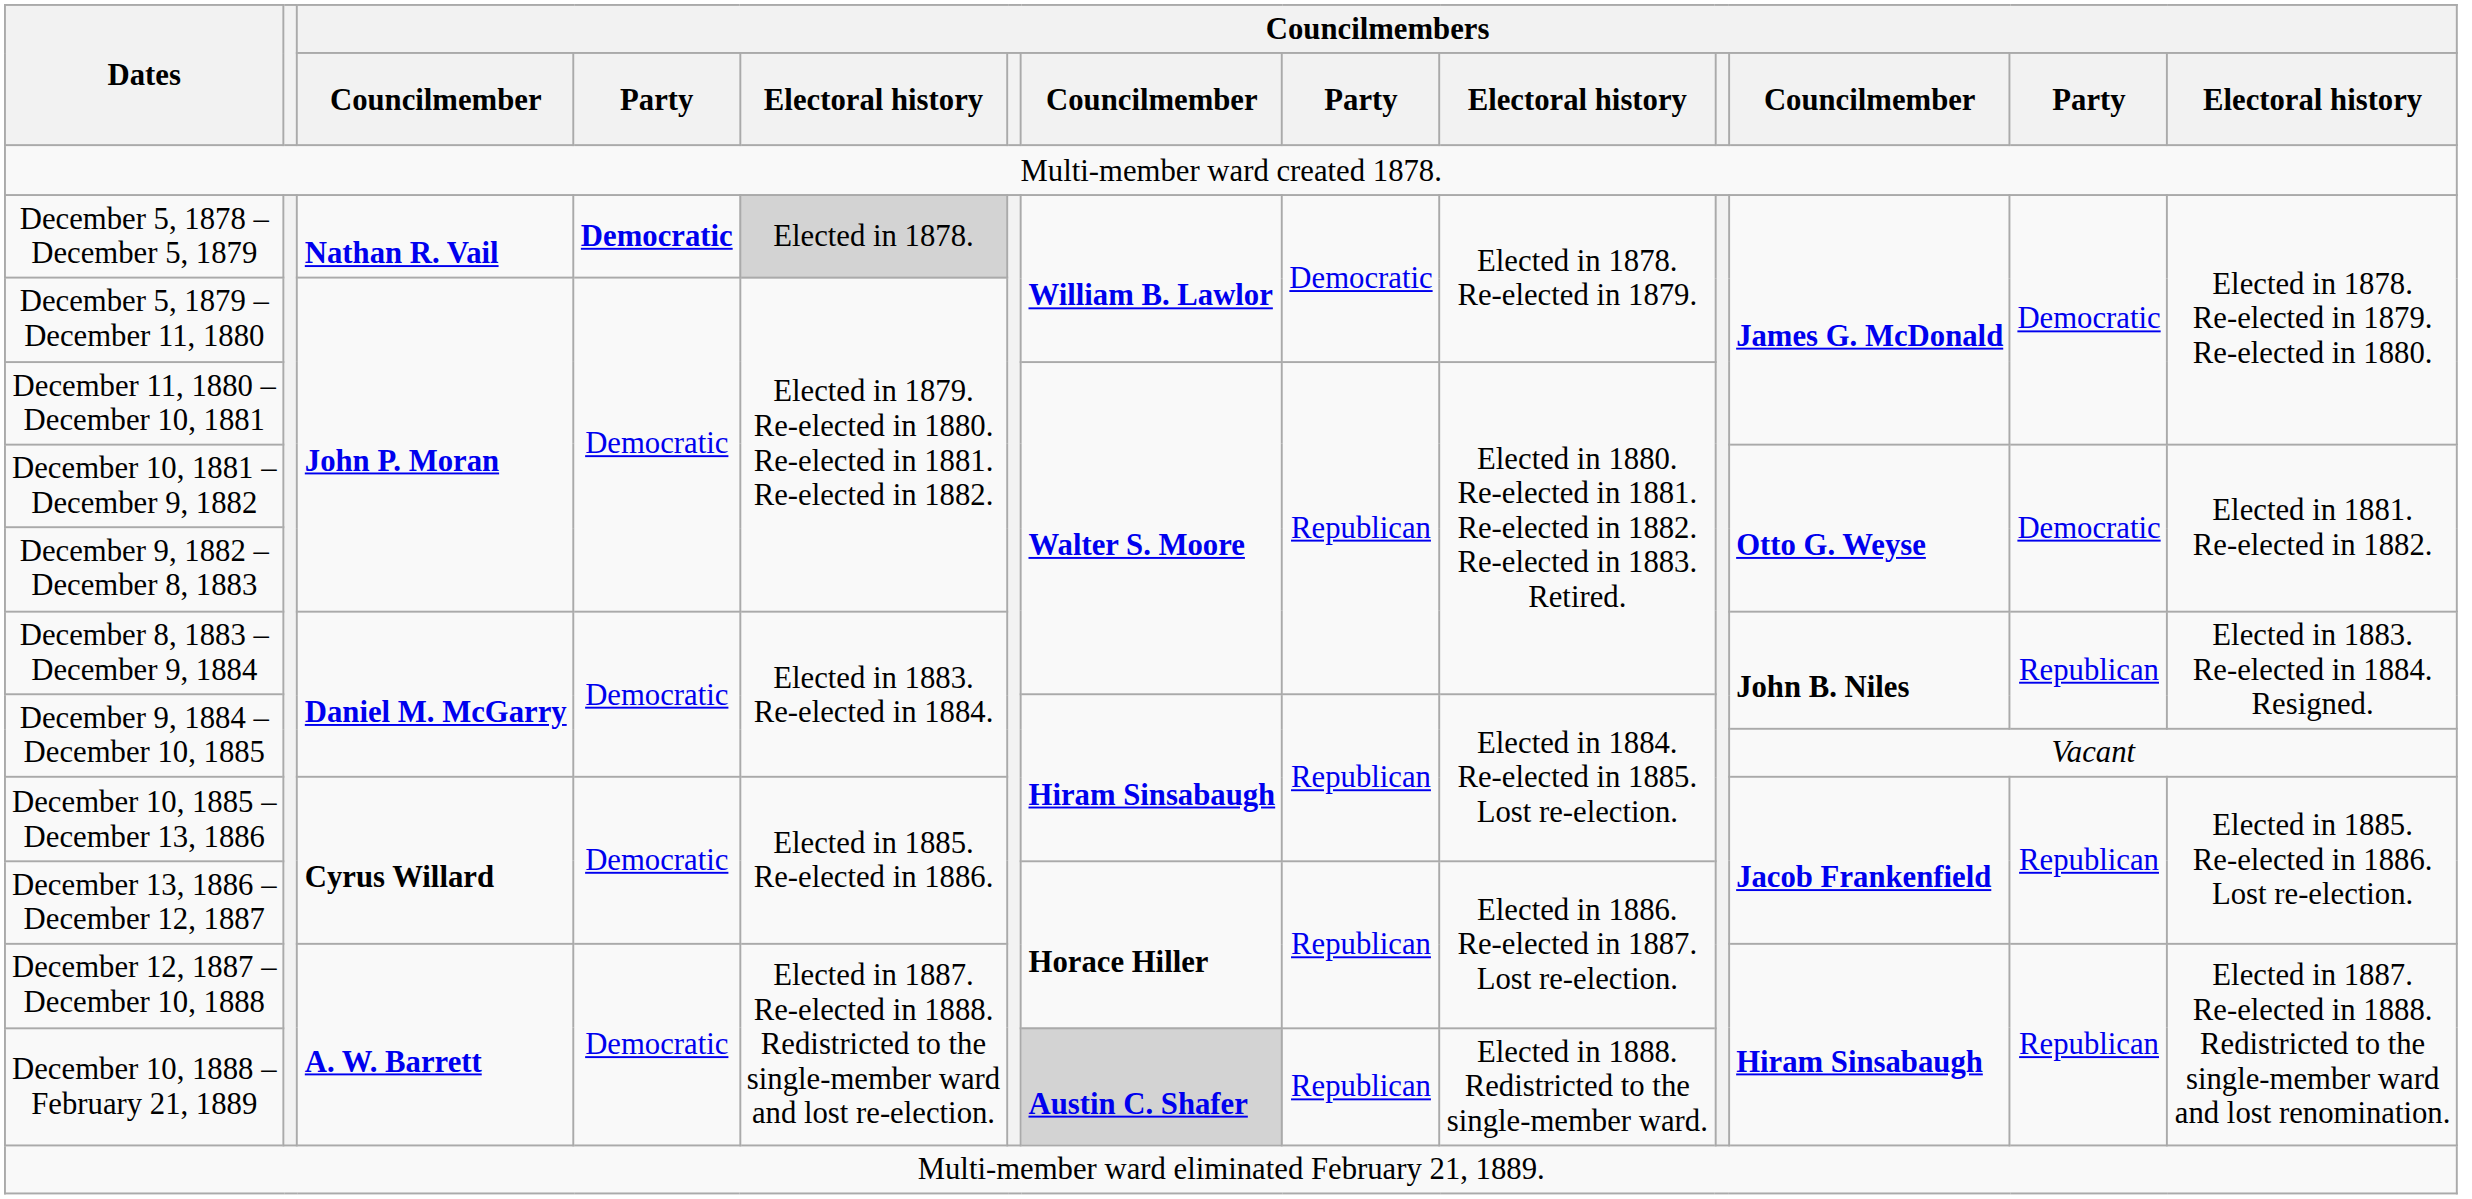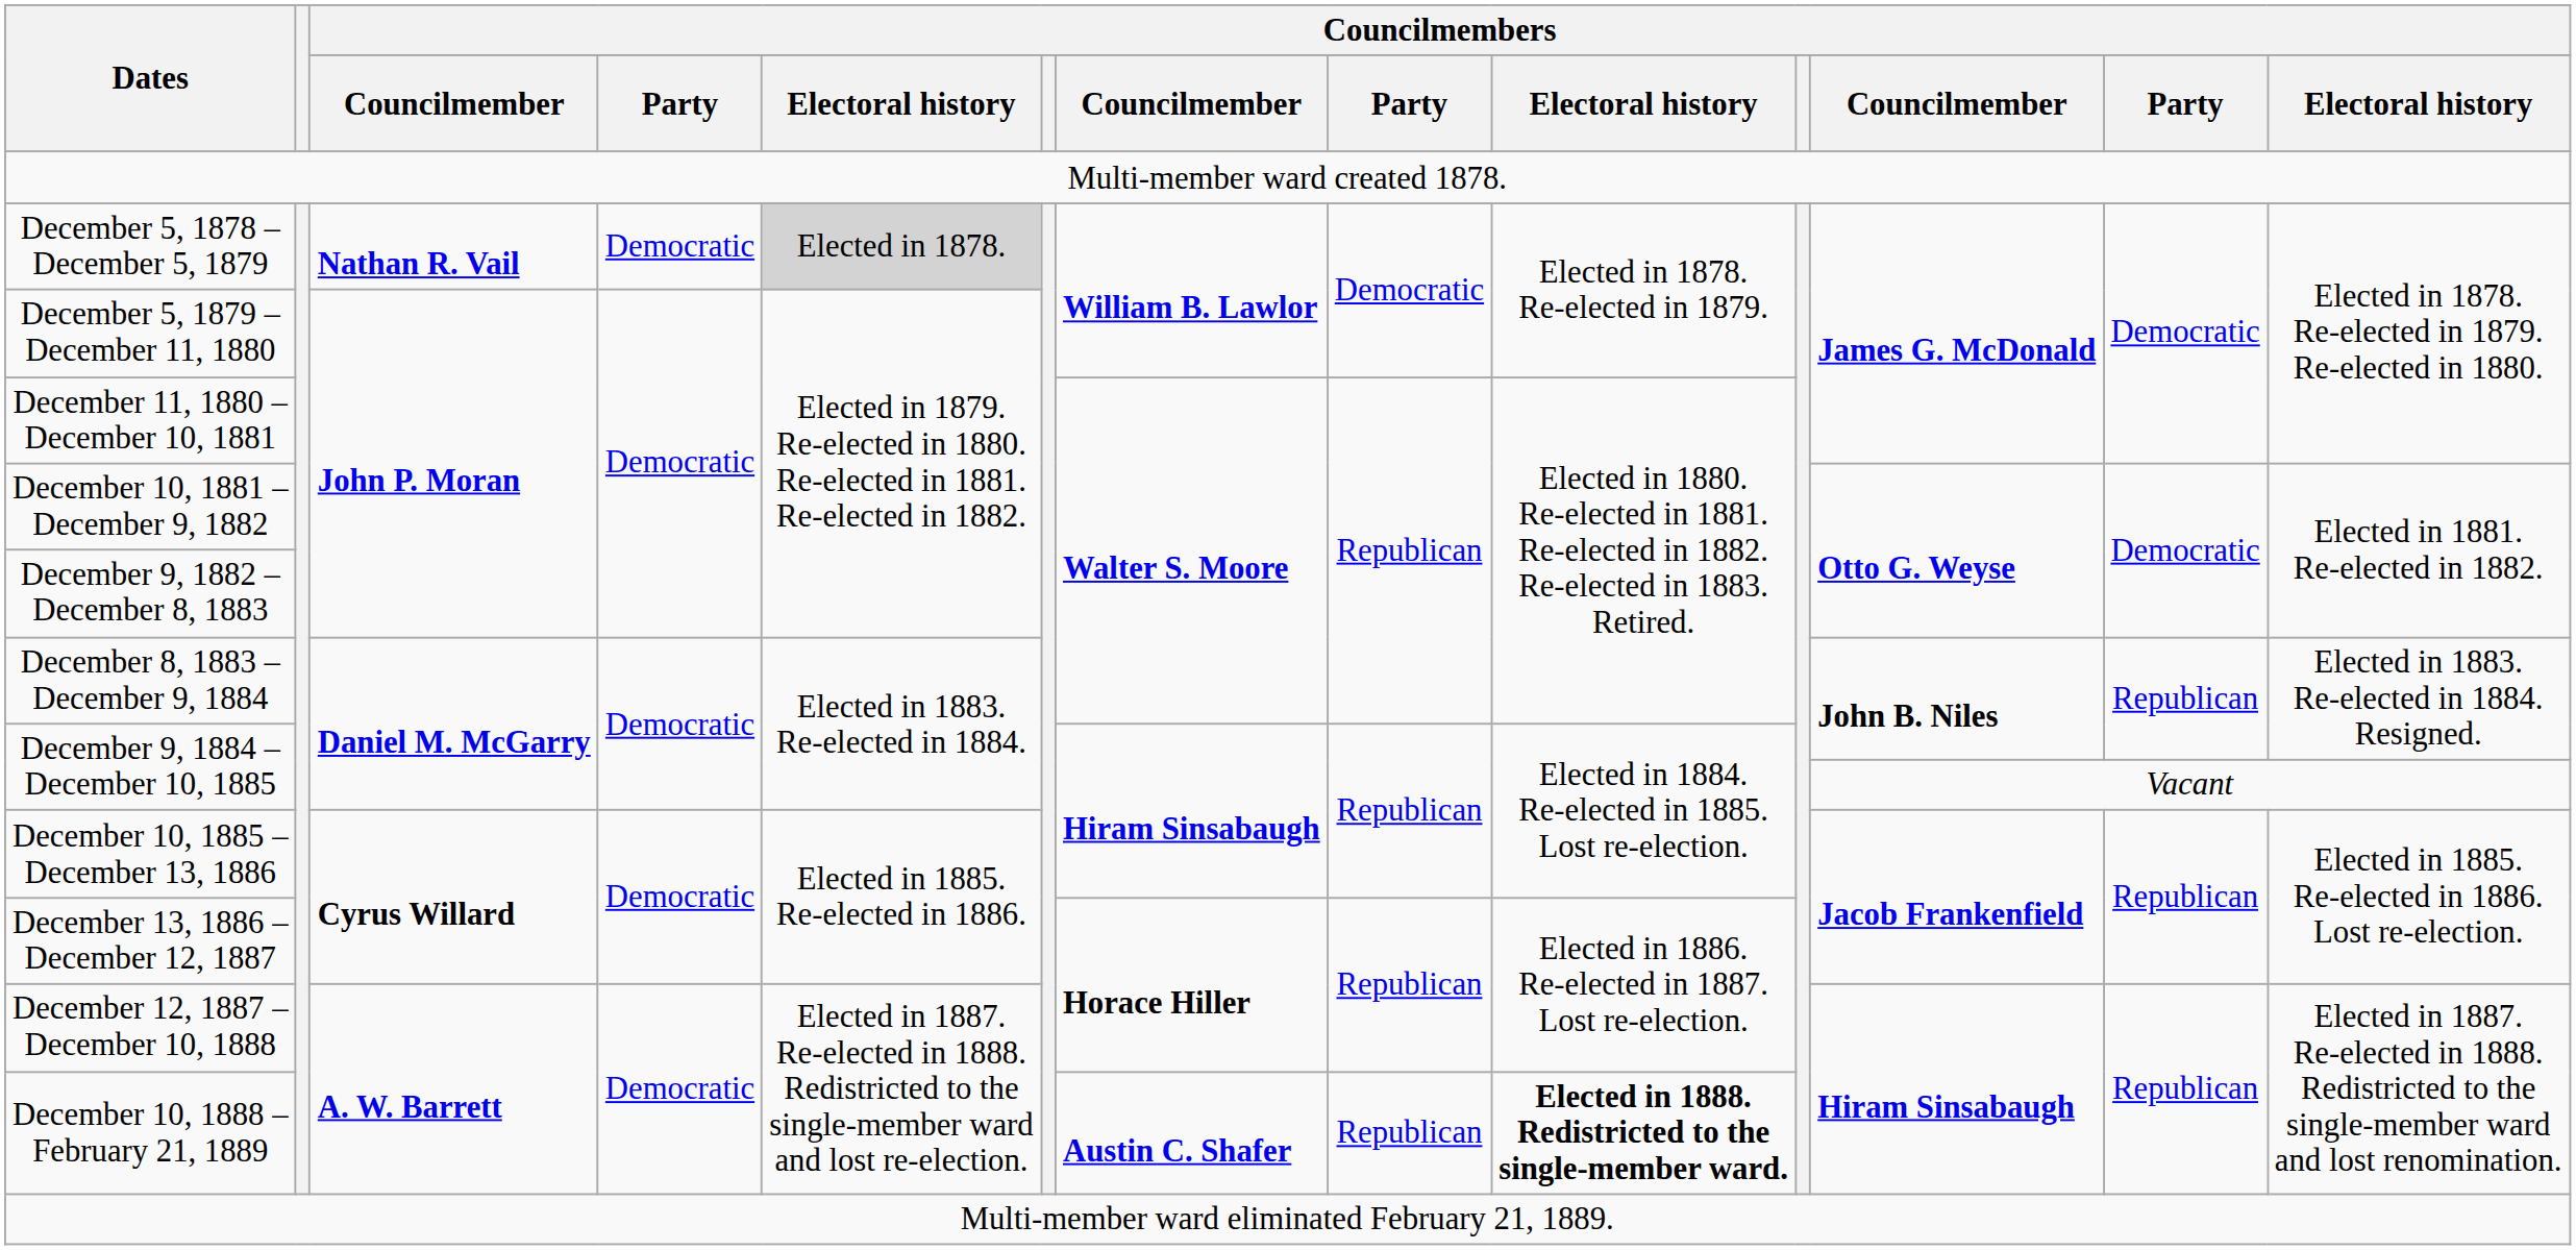 <table class=wikitable style="text-align:center; font-size:100%">
 <tr>
 <th rowspan=2>Dates</th>
 <th rowspan=2></th>
 <th colspan=15>Councilmembers</th>
 </tr>
 <tr style="height:3em">
 <th>Councilmember</th>
 <th>Party</th>
 <th>Electoral history</th>
 <th rowspan=1></th>
 <th>Councilmember</th>
 <th>Party</th>
 <th>Electoral history</th>
 <th rowspan=1></th>
 <th>Councilmember</th>
 <th>Party</th>
 <th>Electoral history</th>
 </tr>
 <tr>
 <td colspan=13>Multi-member ward created 1878.</td>
 </tr>
 <tr>
 <td nowrap>December 5, 1878 –<br> December 5, 1879</td>
 <th rowspan=12></th>
 <td align=left> <br><strong><a href='#'>Nathan R. Vail</a></strong></td>
-<td><strong><a href='#'>Democratic</a></strong></td>
+<td><a href='#'>Democratic</a></td>
 <td style="background: lightgrey;">Elected in 1878. <br> </td>
 <th rowspan=12></th>
 <td rowspan=2 align=left> <br> <strong><a href='#'>William B. Lawlor</a></strong></td>
 <td rowspan=2 ><a href='#'>Democratic</a></td>
 <td rowspan=2>Elected in 1878.  <br> Re-elected in 1879.  <br> </td>
 <th rowspan=12></th>
 <td rowspan=3 align=left> <br> <strong><a href='#'>James G. McDonald</a></strong></td>
 <td rowspan=3 ><a href='#'>Democratic</a></td>
 <td rowspan=3>Elected in 1878. <br> Re-elected in 1879. <br> Re-elected in 1880. <br> </td>
 </tr>
 <tr>
 <td nowrap>December 5, 1879 –<br> December 11, 1880</td>
 <td rowspan=4 align=left> <br> <strong><a href='#'>John P. Moran</a></strong></td>
 <td rowspan=4 ><a href='#'>Democratic</a></td>
 <td rowspan=4>Elected in 1879. <br> Re-elected in 1880. <br> Re-elected in 1881. <br> Re-elected in 1882.  <br> </td>
 </tr>
 <tr>
 <td nowrap>December 11, 1880 –<br> December 10, 1881</td>
 <td rowspan=4 align=left> <br> <strong><a href='#'>Walter S. Moore</a></strong></td>
 <td rowspan=4 ><a href='#'>Republican</a></td>
 <td rowspan=4>Elected in 1880. <br> Re-elected in 1881. <br> Re-elected in 1882. <br> Re-elected in 1883. <br> Retired.</td>
 </tr>
 <tr>
 <td nowrap>December 10, 1881 –<br> December 9, 1882</td>
 <td rowspan=2 align=left> <br><strong><a href='#'>Otto G. Weyse</a></strong></td>
 <td rowspan=2 ><a href='#'>Democratic</a></td>
 <td rowspan=2>Elected in 1881. <br> Re-elected in 1882. <br> </td>
 </tr>
 <tr>
 <td nowrap>December 9, 1882 –<br> December 8, 1883</td>
 </tr>
 <tr>
 <td nowrap>December 8, 1883 –<br> December 9, 1884</td>
 <td rowspan=3 align=left> <br><strong><a href='#'>Daniel M. McGarry</a></strong></td>
 <td rowspan=3 ><a href='#'>Democratic</a></td>
 <td rowspan=3>Elected in 1883. <br> Re-elected in 1884.  <br> </td>
 <td rowspan=2 align=left> <br><strong>John B. Niles</strong></td>
 <td rowspan=2 ><a href='#'>Republican</a></td>
 <td rowspan=2>Elected in 1883. <br> Re-elected in 1884. <br> Resigned.</td>
 </tr>
 <tr>
 <td nowrap rowspan=2>December 9, 1884 –<br> December 10, 1885</td>
 <td rowspan=3 align=left> <br> <strong><a href='#'>Hiram Sinsabaugh</a></strong></td>
 <td rowspan=3 ><a href='#'>Republican</a></td>
 <td rowspan=3>Elected in 1884. <br> Re-elected in 1885. <br> Lost re-election.</td>
 </tr>
 <tr>
 <td nowrap colspan=3><em>Vacant</em></td>
 </tr>
 <tr>
 <td nowrap>December 10, 1885 –<br> December 13, 1886</td>
 <td rowspan=2 align=left> <br> <strong>Cyrus Willard</strong></td>
 <td rowspan=2 ><a href='#'>Democratic</a></td>
 <td rowspan=2>Elected in 1885. <br> Re-elected in 1886.  <br> </td>
 <td rowspan=2 align=left> <br> <strong><a href='#'>Jacob Frankenfield</a></strong></td>
 <td rowspan=2 ><a href='#'>Republican</a></td>
 <td rowspan=2>Elected in 1885. <br> Re-elected in 1886. <br> Lost re-election.</td>
 </tr>
 <tr>
 <td nowrap>December 13, 1886 –<br> December 12, 1887</td>
 <td rowspan=2 align=left> <br> <strong>Horace Hiller</strong></td>
 <td rowspan=2 ><a href='#'>Republican</a></td>
 <td rowspan=2>Elected in 1886. <br> Re-elected in 1887. <br> Lost re-election.</td>
 </tr>
 <tr>
 <td nowrap>December 12, 1887 –<br> December 10, 1888</td>
 <td rowspan=2 align=left> <br> <strong><a href='#'>A. W. Barrett</a></strong></td>
 <td rowspan=2 ><a href='#'>Democratic</a></td>
 <td rowspan=2 nowrap>Elected in 1887. <br> Re-elected in 1888. <br> Redistricted to the <br>single-member ward <br> and lost re-election.</td>
 <td rowspan=2 align=left> <br> <strong><a href='#'>Hiram Sinsabaugh</a></strong></td>
 <td rowspan=2 ><a href='#'>Republican</a></td>
 <td rowspan=2 nowrap>Elected in 1887. <br> Re-elected in 1888. <br> Redistricted to the <br>single-member ward <br> and lost renomination.</td>
 </tr>
 <tr>
 <td nowrap>December 10, 1888 –<br> February 21, 1889</td>
-<td align=left style="background: lightgrey;"> <br> <strong><a href='#'>Austin C. Shafer</a></strong></td>
+<td align=left> <br> <strong><a href='#'>Austin C. Shafer</a></strong></td>
 <td><a href='#'>Republican</a></td>
-<td nowrap>Elected in 1888. <br> Redistricted to the <br>single-member ward.</td>
+<td nowrap><strong>Elected in 1888. <br> Redistricted to the <br>single-member ward.</strong></td>
 </tr>
 <tr>
 <td colspan=13>Multi-member ward eliminated February 21, 1889.</td>
 </tr>
 </table>
